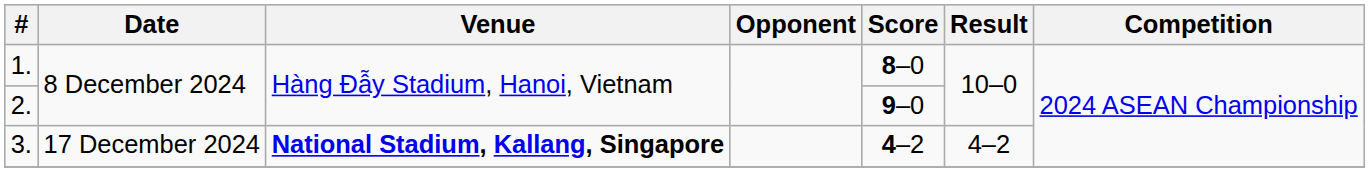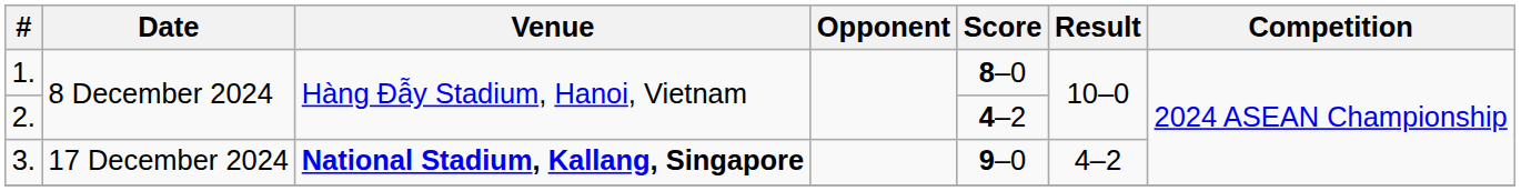 <table class="wikitable" style="font-size:100%">
 <tr>
 <th>#</th>
 <th>Date</th>
 <th>Venue</th>
 <th>Opponent</th>
 <th>Score</th>
 <th>Result</th>
 <th>Competition</th>
 </tr>
 <tr>
 <td>1.</td>
 <td rowspan="2">8 December 2024</td>
 <td rowspan="2"><a href='#'>Hàng Đẫy Stadium</a>, <a href='#'>Hanoi</a>, Vietnam</td>
 <td rowspan="2"></td>
 <td align="center"><strong>8</strong>–0</td>
 <td rowspan="2" align="center">10–0</td>
 <td rowspan="3"><a href='#'>2024 ASEAN Championship</a></td>
 </tr>
 <tr>
 <td>2.</td>
-<td align="center"><strong>9</strong>–0</td>
+<td align="center"><strong>4</strong>–2</td>
 </tr>
 <tr>
 <td>3.</td>
 <td>17 December 2024</td>
 <td><strong><a href='#'>National Stadium</a>, <a href='#'>Kallang</a>, Singapore</strong></td>
 <td></td>
-<td align="center"><strong>4</strong>–2</td>
+<td align="center"><strong>9</strong>–0</td>
 <td align="center">4–2</td>
 </tr>
 <tr>
 </tr>
 </table>
